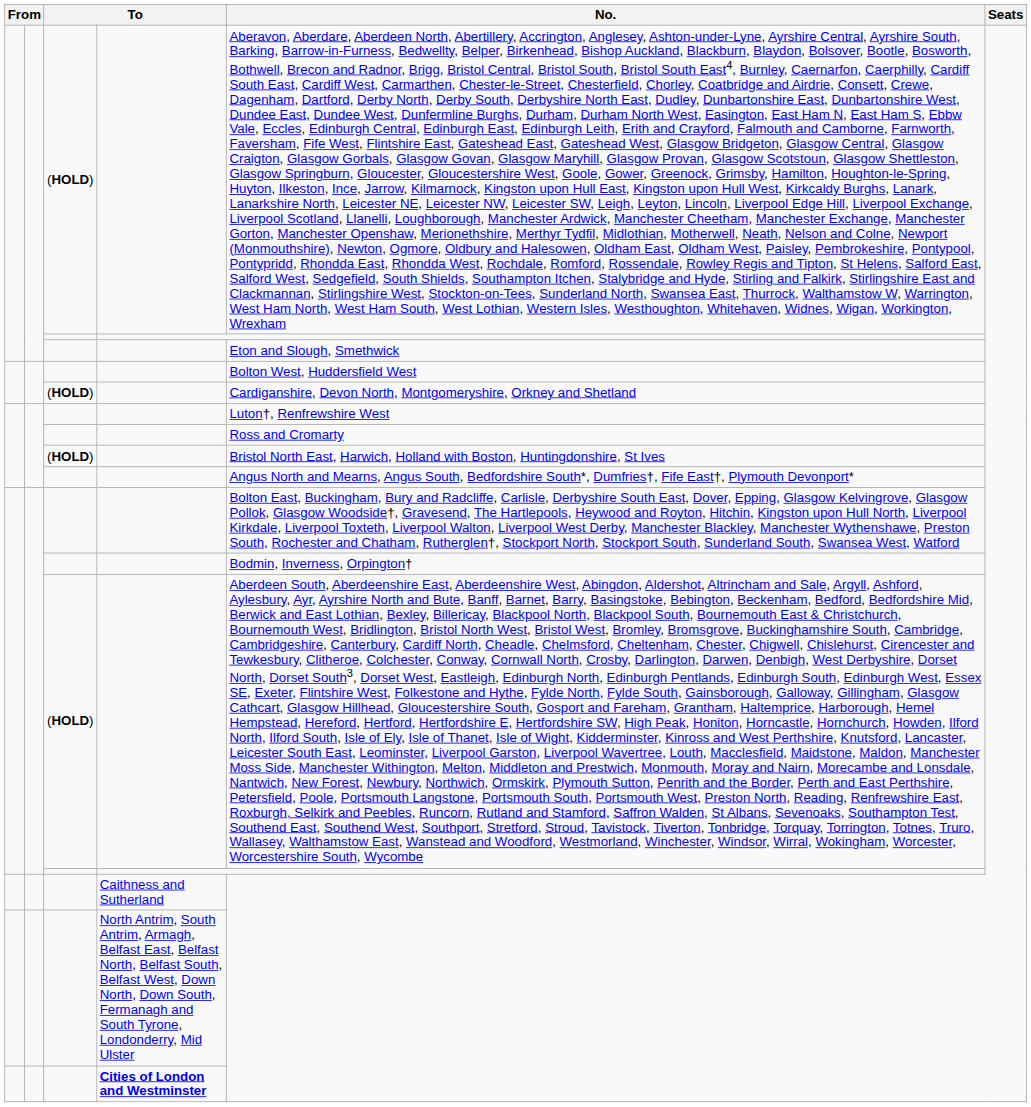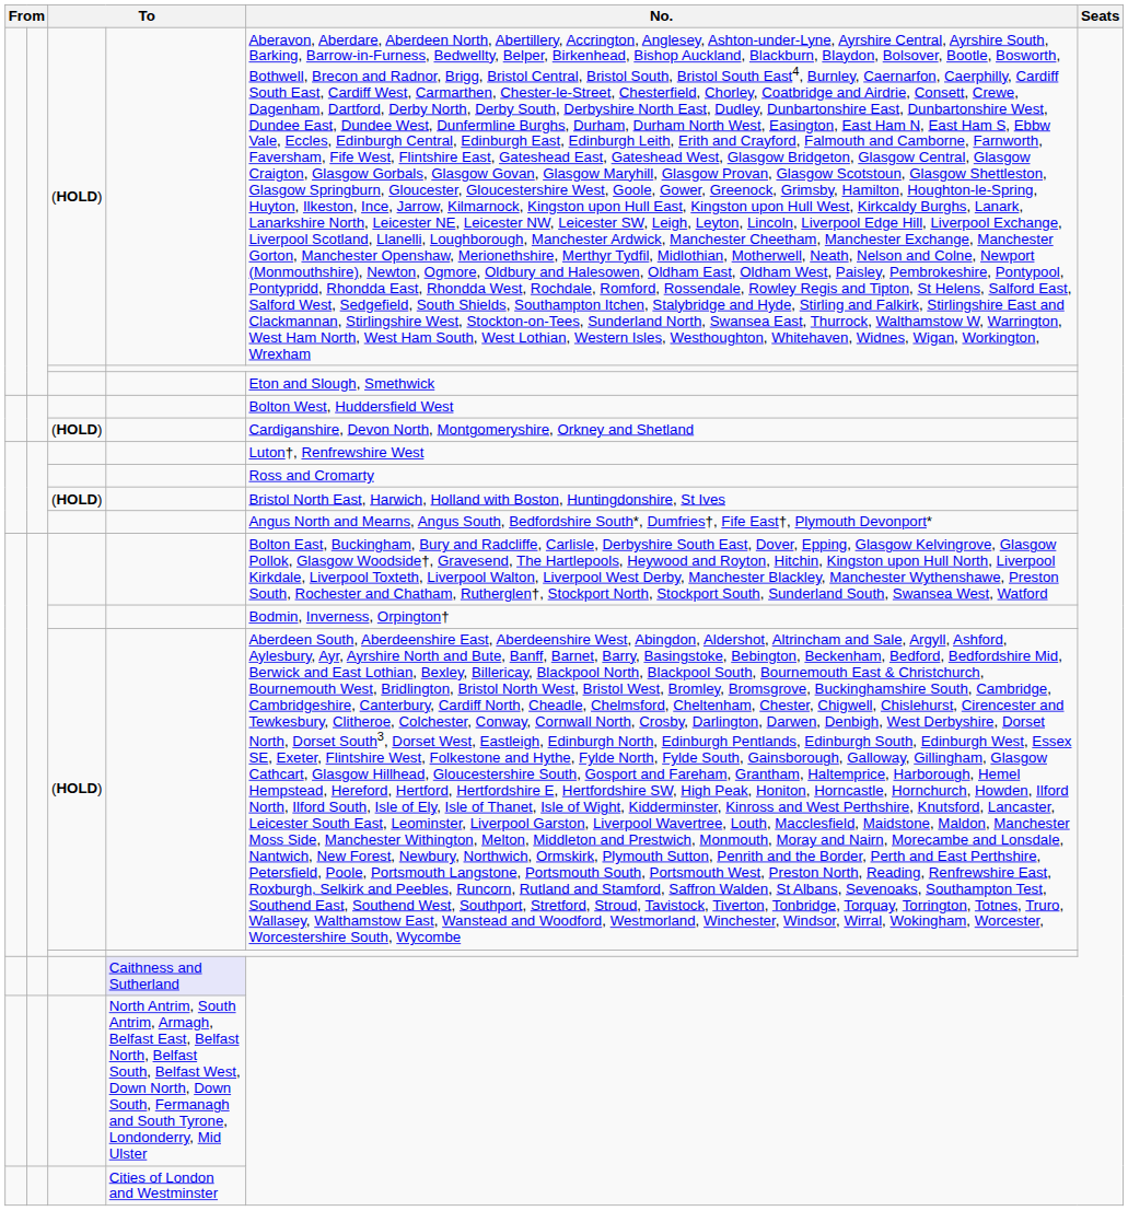 <table class="wikitable sortable" style="margin:1em">
 <tr>
 <th colspan=2>From</th>
 <th colspan=2>To</th>
 <th>No.</th>
 <th class=unsortable>Seats</th>
 </tr>
 <tr>
 <td rowspan=3 style="color:inherit;background:"></td>
 <td rowspan=3></td>
 <td> (<strong>HOLD</strong>)</td>
 <td></td>
 <td><a href='#'>Aberavon</a>, <a href='#'>Aberdare</a>, <a href='#'>Aberdeen North</a>, <a href='#'>Abertillery</a>, <a href='#'>Accrington</a>, <a href='#'>Anglesey</a>, <a href='#'>Ashton-under-Lyne</a>, <a href='#'>Ayrshire Central</a>, <a href='#'>Ayrshire South</a>, <a href='#'>Barking</a>, <a href='#'>Barrow-in-Furness</a>, <a href='#'>Bedwellty</a>, <a href='#'>Belper</a>, <a href='#'>Birkenhead</a>, <a href='#'>Bishop Auckland</a>, <a href='#'>Blackburn</a>, <a href='#'>Blaydon</a>, <a href='#'>Bolsover</a>, <a href='#'>Bootle</a>, <a href='#'>Bosworth</a>, <a href='#'>Bothwell</a>, <a href='#'>Brecon and Radnor</a>, <a href='#'>Brigg</a>, <a href='#'>Bristol Central</a>, <a href='#'>Bristol South</a>, <a href='#'>Bristol South East</a><sup>4</sup>, <a href='#'>Burnley</a>, <a href='#'>Caernarfon</a>, <a href='#'>Caerphilly</a>, <a href='#'>Cardiff South East</a>, <a href='#'>Cardiff West</a>, <a href='#'>Carmarthen</a>, <a href='#'>Chester-le-Street</a>, <a href='#'>Chesterfield</a>, <a href='#'>Chorley</a>, <a href='#'>Coatbridge and Airdrie</a>, <a href='#'>Consett</a>, <a href='#'>Crewe</a>, <a href='#'>Dagenham</a>, <a href='#'>Dartford</a>, <a href='#'>Derby North</a>, <a href='#'>Derby South</a>, <a href='#'>Derbyshire North East</a>, <a href='#'>Dudley</a>, <a href='#'>Dunbartonshire East</a>, <a href='#'>Dunbartonshire West</a>, <a href='#'>Dundee East</a>, <a href='#'>Dundee West</a>, <a href='#'>Dunfermline Burghs</a>, <a href='#'>Durham</a>, <a href='#'>Durham North West</a>, <a href='#'>Easington</a>, <a href='#'>East Ham N</a>, <a href='#'>East Ham S</a>, <a href='#'>Ebbw Vale</a>, <a href='#'>Eccles</a>, <a href='#'>Edinburgh Central</a>, <a href='#'>Edinburgh East</a>, <a href='#'>Edinburgh Leith</a>, <a href='#'>Erith and Crayford</a>, <a href='#'>Falmouth and Camborne</a>, <a href='#'>Farnworth</a>, <a href='#'>Faversham</a>, <a href='#'>Fife West</a>, <a href='#'>Flintshire East</a>, <a href='#'>Gateshead East</a>, <a href='#'>Gateshead West</a>, <a href='#'>Glasgow Bridgeton</a>, <a href='#'>Glasgow Central</a>, <a href='#'>Glasgow Craigton</a>, <a href='#'>Glasgow Gorbals</a>, <a href='#'>Glasgow Govan</a>, <a href='#'>Glasgow Maryhill</a>, <a href='#'>Glasgow Provan</a>, <a href='#'>Glasgow Scotstoun</a>, <a href='#'>Glasgow Shettleston</a>, <a href='#'>Glasgow Springburn</a>, <a href='#'>Gloucester</a>, <a href='#'>Gloucestershire West</a>, <a href='#'>Goole</a>, <a href='#'>Gower</a>, <a href='#'>Greenock</a>, <a href='#'>Grimsby</a>, <a href='#'>Hamilton</a>, <a href='#'>Houghton-le-Spring</a>, <a href='#'>Huyton</a>, <a href='#'>Ilkeston</a>, <a href='#'>Ince</a>, <a href='#'>Jarrow</a>, <a href='#'>Kilmarnock</a>, <a href='#'>Kingston upon Hull East</a>, <a href='#'>Kingston upon Hull West</a>, <a href='#'>Kirkcaldy Burghs</a>, <a href='#'>Lanark</a>, <a href='#'>Lanarkshire North</a>, <a href='#'>Leicester NE</a>, <a href='#'>Leicester NW</a>, <a href='#'>Leicester SW</a>, <a href='#'>Leigh</a>, <a href='#'>Leyton</a>, <a href='#'>Lincoln</a>, <a href='#'>Liverpool Edge Hill</a>, <a href='#'>Liverpool Exchange</a>, <a href='#'>Liverpool Scotland</a>, <a href='#'>Llanelli</a>, <a href='#'>Loughborough</a>, <a href='#'>Manchester Ardwick</a>, <a href='#'>Manchester Cheetham</a>, <a href='#'>Manchester Exchange</a>, <a href='#'>Manchester Gorton</a>, <a href='#'>Manchester Openshaw</a>, <a href='#'>Merionethshire</a>, <a href='#'>Merthyr Tydfil</a>, <a href='#'>Midlothian</a>, <a href='#'>Motherwell</a>, <a href='#'>Neath</a>, <a href='#'>Nelson and Colne</a>, <a href='#'>Newport (Monmouthshire)</a>, <a href='#'>Newton</a>, <a href='#'>Ogmore</a>, <a href='#'>Oldbury and Halesowen</a>, <a href='#'>Oldham East</a>, <a href='#'>Oldham West</a>, <a href='#'>Paisley</a>, <a href='#'>Pembrokeshire</a>, <a href='#'>Pontypool</a>, <a href='#'>Pontypridd</a>, <a href='#'>Rhondda East</a>, <a href='#'>Rhondda West</a>, <a href='#'>Rochdale</a>, <a href='#'>Romford</a>, <a href='#'>Rossendale</a>, <a href='#'>Rowley Regis and Tipton</a>, <a href='#'>St Helens</a>, <a href='#'>Salford East</a>, <a href='#'>Salford West</a>, <a href='#'>Sedgefield</a>, <a href='#'>South Shields</a>, <a href='#'>Southampton Itchen</a>, <a href='#'>Stalybridge and Hyde</a>, <a href='#'>Stirling and Falkirk</a>, <a href='#'>Stirlingshire East and Clackmannan</a>, <a href='#'>Stirlingshire West</a>, <a href='#'>Stockton-on-Tees</a>, <a href='#'>Sunderland North</a>, <a href='#'>Swansea East</a>, <a href='#'>Thurrock</a>, <a href='#'>Walthamstow W</a>, <a href='#'>Warrington</a>, <a href='#'>West Ham North</a>, <a href='#'>West Ham South</a>, <a href='#'>West Lothian</a>, <a href='#'>Western Isles</a>, <a href='#'>Westhoughton</a>, <a href='#'>Whitehaven</a>, <a href='#'>Widnes</a>, <a href='#'>Wigan</a>, <a href='#'>Workington</a>, <a href='#'>Wrexham</a></td>
 </tr>
 <tr>
 <td></td>
 <td colspan=2></td>
 </tr>
 <tr>
 <td></td>
 <td></td>
 <td><a href='#'>Eton and Slough</a>, <a href='#'>Smethwick</a></td>
 </tr>
 <tr>
 <td rowspan=2 style="color:inherit;background:"></td>
 <td rowspan=2></td>
 <td></td>
 <td></td>
 <td><a href='#'>Bolton West</a>, <a href='#'>Huddersfield West</a></td>
 </tr>
 <tr>
 <td> (<strong>HOLD</strong>)</td>
 <td></td>
 <td><a href='#'>Cardiganshire</a>, <a href='#'>Devon North</a>, <a href='#'>Montgomeryshire</a>, <a href='#'>Orkney and Shetland</a></td>
 </tr>
 <tr>
 <td rowspan=4></td>
 <td rowspan=4></td>
 <td></td>
 <td></td>
 <td><a href='#'>Luton</a>†, <a href='#'>Renfrewshire West</a></td>
 </tr>
 <tr>
 <td></td>
 <td></td>
 <td><a href='#'>Ross and Cromarty</a></td>
 </tr>
 <tr>
 <td> (<strong>HOLD</strong>)</td>
 <td></td>
 <td><a href='#'>Bristol North East</a>, <a href='#'>Harwich</a>, <a href='#'>Holland with Boston</a>, <a href='#'>Huntingdonshire</a>, <a href='#'>St Ives</a></td>
 </tr>
 <tr>
 <td></td>
 <td></td>
 <td><a href='#'>Angus North and Mearns</a>, <a href='#'>Angus South</a>, <a href='#'>Bedfordshire South</a>*, <a href='#'>Dumfries</a>†, <a href='#'>Fife East</a>†, <a href='#'>Plymouth Devonport</a>*</td>
 </tr>
 <tr>
 <td rowspan=4 style="color:inherit;background:"></td>
 <td rowspan=4></td>
 <td></td>
 <td></td>
 <td><a href='#'>Bolton East</a>, <a href='#'>Buckingham</a>, <a href='#'>Bury and Radcliffe</a>, <a href='#'>Carlisle</a>, <a href='#'>Derbyshire South East</a>, <a href='#'>Dover</a>, <a href='#'>Epping</a>, <a href='#'>Glasgow Kelvingrove</a>, <a href='#'>Glasgow Pollok</a>, <a href='#'>Glasgow Woodside</a>†, <a href='#'>Gravesend</a>, <a href='#'>The Hartlepools</a>, <a href='#'>Heywood and Royton</a>, <a href='#'>Hitchin</a>, <a href='#'>Kingston upon Hull North</a>, <a href='#'>Liverpool Kirkdale</a>, <a href='#'>Liverpool Toxteth</a>, <a href='#'>Liverpool Walton</a>, <a href='#'>Liverpool West Derby</a>, <a href='#'>Manchester Blackley</a>, <a href='#'>Manchester Wythenshawe</a>, <a href='#'>Preston South</a>, <a href='#'>Rochester and Chatham</a>, <a href='#'>Rutherglen</a>†, <a href='#'>Stockport North</a>, <a href='#'>Stockport South</a>, <a href='#'>Sunderland South</a>, <a href='#'>Swansea West</a>, <a href='#'>Watford</a></td>
 </tr>
 <tr>
 <td></td>
 <td></td>
 <td><a href='#'>Bodmin</a>, <a href='#'>Inverness</a>, <a href='#'>Orpington</a>†</td>
 </tr>
 <tr>
 <td> (<strong>HOLD</strong>)</td>
 <td></td>
 <td><a href='#'>Aberdeen South</a>, <a href='#'>Aberdeenshire East</a>, <a href='#'>Aberdeenshire West</a>, <a href='#'>Abingdon</a>, <a href='#'>Aldershot</a>, <a href='#'>Altrincham and Sale</a>, <a href='#'>Argyll</a>, <a href='#'>Ashford</a>, <a href='#'>Aylesbury</a>, <a href='#'>Ayr</a>, <a href='#'>Ayrshire North and Bute</a>, <a href='#'>Banff</a>, <a href='#'>Barnet</a>, <a href='#'>Barry</a>, <a href='#'>Basingstoke</a>, <a href='#'>Bebington</a>, <a href='#'>Beckenham</a>, <a href='#'>Bedford</a>, <a href='#'>Bedfordshire Mid</a>, <a href='#'>Berwick and East Lothian</a>, <a href='#'>Bexley</a>, <a href='#'>Billericay</a>, <a href='#'>Blackpool North</a>, <a href='#'>Blackpool South</a>, <a href='#'>Bournemouth East & Christchurch</a>, <a href='#'>Bournemouth West</a>, <a href='#'>Bridlington</a>, <a href='#'>Bristol North West</a>, <a href='#'>Bristol West</a>, <a href='#'>Bromley</a>, <a href='#'>Bromsgrove</a>, <a href='#'>Buckinghamshire South</a>, <a href='#'>Cambridge</a>, <a href='#'>Cambridgeshire</a>, <a href='#'>Canterbury</a>, <a href='#'>Cardiff North</a>, <a href='#'>Cheadle</a>, <a href='#'>Chelmsford</a>, <a href='#'>Cheltenham</a>, <a href='#'>Chester</a>, <a href='#'>Chigwell</a>, <a href='#'>Chislehurst</a>, <a href='#'>Cirencester and Tewkesbury</a>, <a href='#'>Clitheroe</a>, <a href='#'>Colchester</a>, <a href='#'>Conway</a>, <a href='#'>Cornwall North</a>, <a href='#'>Crosby</a>, <a href='#'>Darlington</a>, <a href='#'>Darwen</a>, <a href='#'>Denbigh</a>, <a href='#'>West Derbyshire</a>, <a href='#'>Dorset North</a>, <a href='#'>Dorset South</a><sup>3</sup>, <a href='#'>Dorset West</a>, <a href='#'>Eastleigh</a>, <a href='#'>Edinburgh North</a>, <a href='#'>Edinburgh Pentlands</a>, <a href='#'>Edinburgh South</a>, <a href='#'>Edinburgh West</a>, <a href='#'>Essex SE</a>, <a href='#'>Exeter</a>, <a href='#'>Flintshire West</a>, <a href='#'>Folkestone and Hythe</a>, <a href='#'>Fylde North</a>, <a href='#'>Fylde South</a>, <a href='#'>Gainsborough</a>, <a href='#'>Galloway</a>, <a href='#'>Gillingham</a>, <a href='#'>Glasgow Cathcart</a>, <a href='#'>Glasgow Hillhead</a>, <a href='#'>Gloucestershire South</a>, <a href='#'>Gosport and Fareham</a>, <a href='#'>Grantham</a>, <a href='#'>Haltemprice</a>, <a href='#'>Harborough</a>, <a href='#'>Hemel Hempstead</a>, <a href='#'>Hereford</a>, <a href='#'>Hertford</a>, <a href='#'>Hertfordshire E</a>, <a href='#'>Hertfordshire SW</a>, <a href='#'>High Peak</a>, <a href='#'>Honiton</a>, <a href='#'>Horncastle</a>, <a href='#'>Hornchurch</a>, <a href='#'>Howden</a>, <a href='#'>Ilford North</a>, <a href='#'>Ilford South</a>, <a href='#'>Isle of Ely</a>, <a href='#'>Isle of Thanet</a>, <a href='#'>Isle of Wight</a>, <a href='#'>Kidderminster</a>, <a href='#'>Kinross and West Perthshire</a>, <a href='#'>Knutsford</a>, <a href='#'>Lancaster</a>, <a href='#'>Leicester South East</a>, <a href='#'>Leominster</a>, <a href='#'>Liverpool Garston</a>, <a href='#'>Liverpool Wavertree</a>, <a href='#'>Louth</a>, <a href='#'>Macclesfield</a>, <a href='#'>Maidstone</a>, <a href='#'>Maldon</a>, <a href='#'>Manchester Moss Side</a>, <a href='#'>Manchester Withington</a>, <a href='#'>Melton</a>, <a href='#'>Middleton and Prestwich</a>, <a href='#'>Monmouth</a>, <a href='#'>Moray and Nairn</a>, <a href='#'>Morecambe and Lonsdale</a>, <a href='#'>Nantwich</a>, <a href='#'>New Forest</a>, <a href='#'>Newbury</a>, <a href='#'>Northwich</a>, <a href='#'>Ormskirk</a>, <a href='#'>Plymouth Sutton</a>, <a href='#'>Penrith and the Border</a>, <a href='#'>Perth and East Perthshire</a>, <a href='#'>Petersfield</a>, <a href='#'>Poole</a>, <a href='#'>Portsmouth Langstone</a>, <a href='#'>Portsmouth South</a>, <a href='#'>Portsmouth West</a>, <a href='#'>Preston North</a>, <a href='#'>Reading</a>, <a href='#'>Renfrewshire East</a>, <a href='#'>Roxburgh, Selkirk and Peebles</a>, <a href='#'>Runcorn</a>, <a href='#'>Rutland and Stamford</a>, <a href='#'>Saffron Walden</a>, <a href='#'>St Albans</a>, <a href='#'>Sevenoaks</a>, <a href='#'>Southampton Test</a>, <a href='#'>Southend East</a>, <a href='#'>Southend West</a>, <a href='#'>Southport</a>, <a href='#'>Stretford</a>, <a href='#'>Stroud</a>, <a href='#'>Tavistock</a>, <a href='#'>Tiverton</a>, <a href='#'>Tonbridge</a>, <a href='#'>Torquay</a>, <a href='#'>Torrington</a>, <a href='#'>Totnes</a>, <a href='#'>Truro</a>, <a href='#'>Wallasey</a>, <a href='#'>Walthamstow East</a>, <a href='#'>Wanstead and Woodford</a>, <a href='#'>Westmorland</a>, <a href='#'>Winchester</a>, <a href='#'>Windsor</a>, <a href='#'>Wirral</a>, <a href='#'>Wokingham</a>, <a href='#'>Worcester</a>, <a href='#'>Worcestershire South</a>, <a href='#'>Wycombe</a></td>
 </tr>
 <tr>
 <td></td>
 <td colspan=2></td>
 </tr>
 <tr>
 <td></td>
 <td></td>
 <td></td>
-<td><a href='#'>Caithness and Sutherland</a></td>
+<td style="background: lavender;"><a href='#'>Caithness and Sutherland</a></td>
 </tr>
 <tr>
 <td></td>
 <td></td>
 <td></td>
 <td><a href='#'>North Antrim</a>, <a href='#'>South Antrim</a>, <a href='#'>Armagh</a>, <a href='#'>Belfast East</a>, <a href='#'>Belfast North</a>, <a href='#'>Belfast South</a>, <a href='#'>Belfast West</a>, <a href='#'>Down North</a>, <a href='#'>Down South</a>, <a href='#'>Fermanagh and South Tyrone</a>, <a href='#'>Londonderry</a>, <a href='#'>Mid Ulster</a></td>
 </tr>
 <tr>
 <td></td>
 <td></td>
 <td></td>
-<td><strong><a href='#'>Cities of London and Westminster</a></strong></td>
+<td><a href='#'>Cities of London and Westminster</a></td>
 </tr>
 </table>
